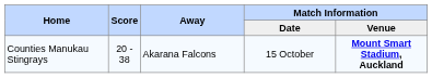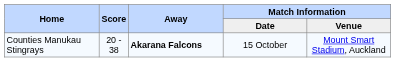 <table border=1 style="border-collapse:collapse; font-size:90%; text-align:center;" cellpadding=3 cellspacing=0 width=100%>
 <tr bgcolor=#C1D8FF>
 <th rowspan=2 width=25%>Home</th>
 <th rowspan=2 width=6%>Score</th>
 <th rowspan=2 width=25%>Away</th>
 <th colspan=6>Match Information</th>
 </tr>
 <tr bgcolor=#EFEFEF>
 <th width=22%>Date</th>
 <th width=22%>Venue</th>
 </tr>
 <tr bgcolor=#F5FAFF>
 <td align=left>Counties Manukau Stingrays</td>
 <td>20 - 38</td>
-<td align=left>Akarana Falcons</td>
+<td align=left><strong>Akarana Falcons</strong></td>
 <td>15 October</td>
-<td><strong><a href='#'>Mount Smart Stadium</a>, Auckland</strong></td>
+<td><a href='#'>Mount Smart Stadium</a>, Auckland</td>
 </tr>
 </table>
